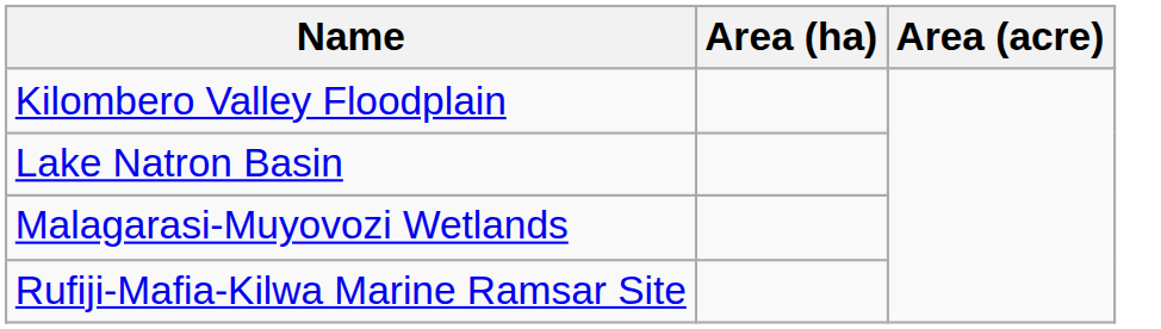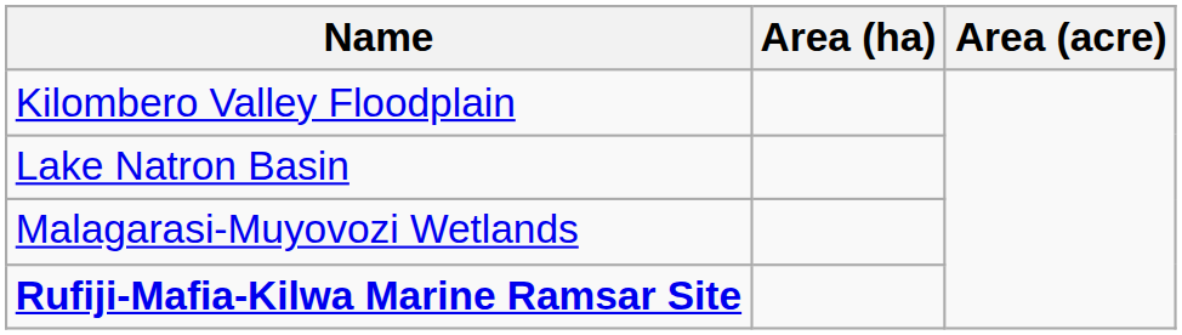 <table class="wikitable sortable">
 <tr>
 <th scope="col" align=left>Name</th>
 <th scope="col">Area (ha)</th>
 <th scope="col">Area (acre)</th>
 </tr>
 <tr ---->
 <td><a href='#'>Kilombero Valley Floodplain</a></td>
 <td></td>
 </tr>
 <tr ---->
 <td><a href='#'>Lake Natron Basin</a></td>
 <td></td>
 </tr>
 <tr ---->
 <td><a href='#'>Malagarasi-Muyovozi Wetlands</a></td>
 <td></td>
 </tr>
 <tr ---->
-<td><a href='#'>Rufiji-Mafia-Kilwa Marine Ramsar Site</a></td>
+<td><strong><a href='#'>Rufiji-Mafia-Kilwa Marine Ramsar Site</a></strong></td>
 <td></td>
 </tr>
 </table>
